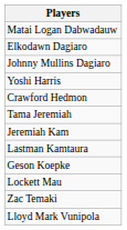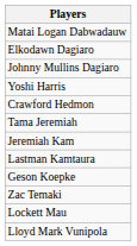 <table class="wikitable" style="width:20%">
 <tr>
 <th>Players</th>
 </tr>
 <tr>
 <td>Matai Logan Dabwadauw</td>
 </tr>
 <tr>
 <td>Elkodawn Dagiaro</td>
 </tr>
 <tr>
 <td>Johnny Mullins Dagiaro</td>
 </tr>
 <tr>
 <td>Yoshi Harris</td>
 </tr>
 <tr>
 <td>Crawford Hedmon</td>
 </tr>
 <tr>
 <td>Tama Jeremiah</td>
 </tr>
 <tr>
 <td>Jeremiah Kam</td>
 </tr>
 <tr>
 <td>Lastman Kamtaura</td>
 </tr>
 <tr>
 <td>Geson Koepke</td>
 </tr>
 <tr>
-<td>Lockett Mau</td>
+<td>Zac Temaki</td>
 </tr>
 <tr>
-<td>Zac Temaki</td>
+<td>Lockett Mau</td>
 </tr>
 <tr>
 <td>Lloyd Mark Vunipola</td>
 </tr>
 </table>
